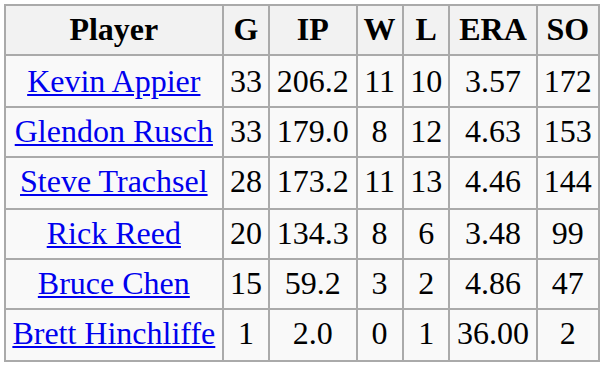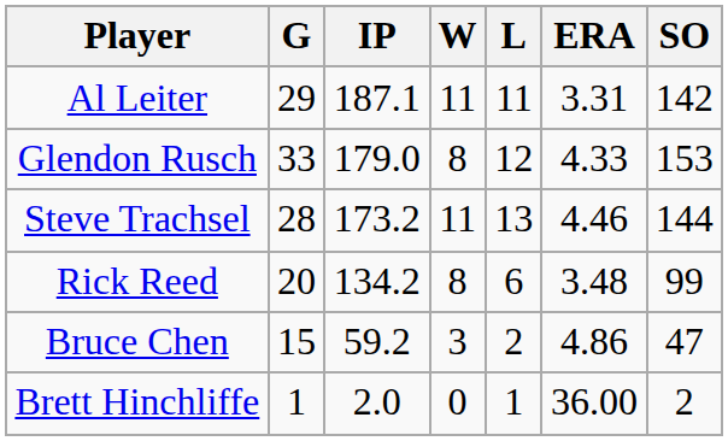 <table class="wikitable sortable">
 <tr>
 <th>Player</th>
 <th>G</th>
 <th>IP</th>
 <th>W</th>
 <th>L</th>
 <th>ERA</th>
 <th>SO</th>
 </tr>
 <tr align=center>
-<td><a href='#'>Kevin Appier</a></td>
-<td>33</td>
-<td>206.2</td>
+<td><a href='#'>Al Leiter</a></td>
+<td>29</td>
+<td>187.1</td>
 <td>11</td>
-<td>10</td>
-<td>3.57</td>
-<td>172</td>
+<td>11</td>
+<td>3.31</td>
+<td>142</td>
 </tr>
 <tr align=center>
 <td><a href='#'>Glendon Rusch</a></td>
 <td>33</td>
 <td>179.0</td>
 <td>8</td>
 <td>12</td>
-<td>4.63</td>
+<td>4.33</td>
 <td>153</td>
 </tr>
 <tr align=center>
 <td><a href='#'>Steve Trachsel</a></td>
 <td>28</td>
 <td>173.2</td>
 <td>11</td>
 <td>13</td>
 <td>4.46</td>
 <td>144</td>
 </tr>
 <tr align=center>
 <td><a href='#'>Rick Reed</a></td>
 <td>20</td>
-<td>134.3</td>
+<td>134.2</td>
 <td>8</td>
 <td>6</td>
 <td>3.48</td>
 <td>99</td>
 </tr>
 <tr align=center>
 <td><a href='#'>Bruce Chen</a></td>
 <td>15</td>
 <td>59.2</td>
 <td>3</td>
 <td>2</td>
 <td>4.86</td>
 <td>47</td>
 </tr>
 <tr align=center>
 <td><a href='#'>Brett Hinchliffe</a></td>
 <td>1</td>
 <td>2.0</td>
 <td>0</td>
 <td>1</td>
 <td>36.00</td>
 <td>2</td>
 </tr>
 </table>
